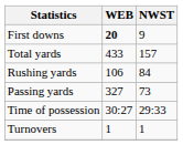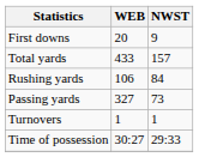 <table class="wikitable" style="float: left;">
 <tr>
 <th>Statistics</th>
 <th>WEB</th>
 <th>NWST</th>
 </tr>
 <tr>
 <td>First downs</td>
-<td><strong>20</strong></td>
+<td>20</td>
 <td>9</td>
 </tr>
 <tr>
 <td>Total yards</td>
 <td>433</td>
 <td>157</td>
 </tr>
 <tr>
 <td>Rushing yards</td>
 <td>106</td>
 <td>84</td>
 </tr>
 <tr>
 <td>Passing yards</td>
 <td>327</td>
 <td>73</td>
 </tr>
 <tr>
+<td>Turnovers</td>
+<td>1</td>
+<td>1</td>
+</tr>
+<tr>
 <td>Time of possession</td>
 <td>30:27</td>
 <td>29:33</td>
 </tr>
 <tr>
-<td>Turnovers</td>
-<td>1</td>
-<td>1</td>
-</tr>
-<tr>
 </tr>
 </table>
